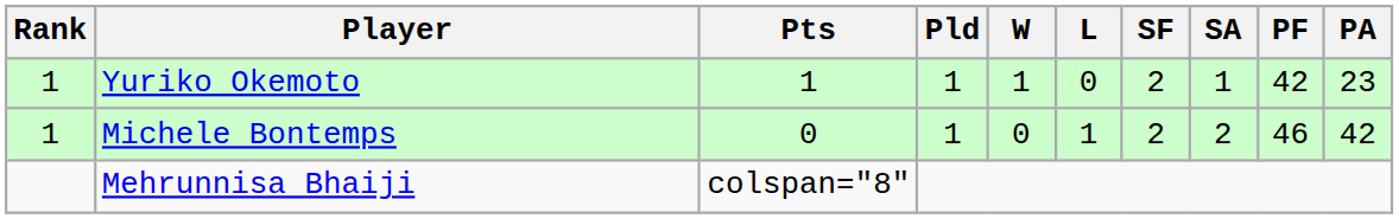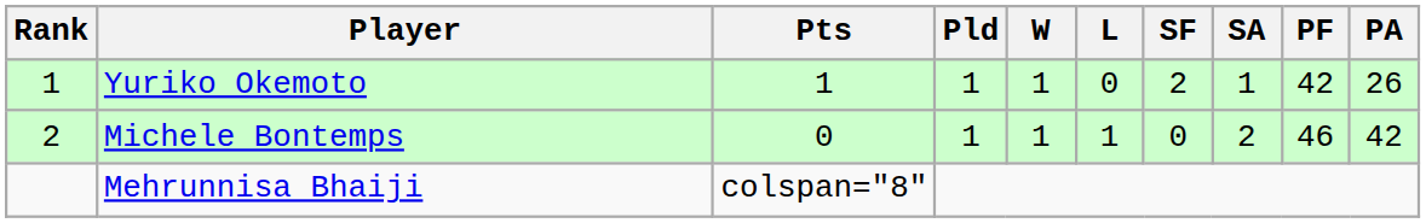 <table class=wikitable style="text-align:center; font-size:90%">
 <tr>
 <th width="20">Rank</th>
 <th width="225">Player</th>
 <th width="20">Pts</th>
 <th width="20">Pld</th>
 <th width="20">W</th>
 <th width="20">L</th>
 <th width="20">SF</th>
 <th width="20">SA</th>
 <th width="20">PF</th>
 <th width="20">PA</th>
 </tr>
 <tr bgcolor="#ccffcc">
 <td>1</td>
 <td style="text-align:left"> <a href='#'>Yuriko Okemoto</a></td>
 <td>1</td>
 <td>1</td>
 <td>1</td>
 <td>0</td>
 <td>2</td>
 <td>1</td>
 <td>42</td>
-<td>23</td>
+<td>26</td>
 </tr>
 <tr bgcolor="#ccffcc">
-<td>1</td>
+<td>2</td>
 <td style="text-align:left"> <a href='#'>Michele Bontemps</a></td>
 <td>0</td>
 <td>1</td>
+<td>1</td>
+<td>1</td>
 <td>0</td>
-<td>1</td>
-<td>2</td>
 <td>2</td>
 <td>46</td>
 <td>42</td>
 </tr>
 <tr>
 <td></td>
 <td style="text-align:left"> <a href='#'>Mehrunnisa Bhaiji</a></td>
 <td>colspan="8" </td>
 </tr>
 </table>
